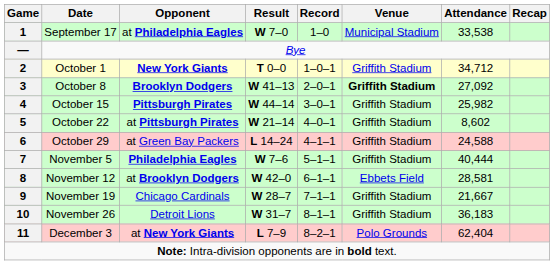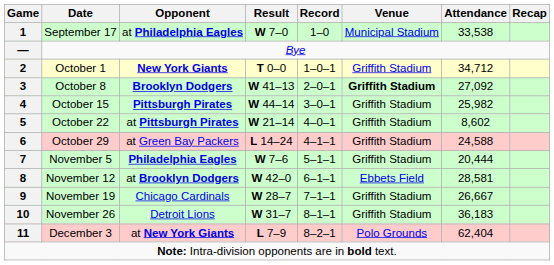 <table class="wikitable" style="text-align:center">
 <tr>
 <th>Game</th>
 <th>Date</th>
 <th>Opponent</th>
 <th>Result</th>
 <th>Record</th>
 <th>Venue</th>
 <th>Attendance</th>
 <th>Recap</th>
 </tr>
 <tr style="background:#cfc">
 <th>1</th>
 <td>September 17</td>
 <td>at <strong><a href='#'>Philadelphia Eagles</a></strong></td>
 <td><strong>W</strong> 7–0</td>
 <td>1–0</td>
 <td><a href='#'>Municipal Stadium</a></td>
 <td>33,538</td>
 <td></td>
 </tr>
 <tr>
 <th>—</th>
 <td colspan="7"><em><a href='#'>Bye</a></em></td>
 </tr>
 <tr style="background:#ffc">
 <th>2</th>
 <td>October 1</td>
 <td><strong><a href='#'>New York Giants</a></strong></td>
 <td><strong>T</strong> 0–0</td>
 <td>1–0–1</td>
 <td><a href='#'>Griffith Stadium</a></td>
 <td>34,712</td>
 <td></td>
 </tr>
 <tr style="background:#cfc">
 <th>3</th>
 <td>October 8</td>
 <td><strong><a href='#'>Brooklyn Dodgers</a></strong></td>
 <td><strong>W</strong> 41–13</td>
 <td>2–0–1</td>
 <td><strong>Griffith Stadium</strong></td>
 <td>27,092</td>
 <td></td>
 </tr>
 <tr style="background:#cfc">
 <th>4</th>
 <td>October 15</td>
 <td><strong><a href='#'>Pittsburgh Pirates</a></strong></td>
 <td><strong>W</strong> 44–14</td>
 <td>3–0–1</td>
 <td>Griffith Stadium</td>
 <td>25,982</td>
 <td></td>
 </tr>
 <tr style="background:#cfc">
 <th>5</th>
 <td>October 22</td>
 <td>at <strong><a href='#'>Pittsburgh Pirates</a></strong></td>
 <td><strong>W</strong> 21–14</td>
 <td>4–0–1</td>
 <td>Griffith Stadium</td>
 <td>8,602</td>
 <td></td>
 </tr>
 <tr style="background:#fcc">
 <th>6</th>
 <td>October 29</td>
 <td>at <a href='#'>Green Bay Packers</a></td>
 <td><strong>L</strong> 14–24</td>
 <td>4–1–1</td>
 <td>Griffith Stadium</td>
 <td>24,588</td>
 <td></td>
 </tr>
 <tr style="background:#cfc">
 <th>7</th>
 <td>November 5</td>
 <td><strong><a href='#'>Philadelphia Eagles</a></strong></td>
 <td><strong>W</strong> 7–6</td>
 <td>5–1–1</td>
 <td>Griffith Stadium</td>
-<td>40,444</td>
+<td>20,444</td>
 <td></td>
 </tr>
 <tr style="background:#cfc">
 <th>8</th>
 <td>November 12</td>
 <td>at <strong><a href='#'>Brooklyn Dodgers</a></strong></td>
 <td><strong>W</strong> 42–0</td>
 <td>6–1–1</td>
 <td><a href='#'>Ebbets Field</a></td>
 <td>28,581</td>
 <td></td>
 </tr>
 <tr style="background:#cfc">
 <th>9</th>
 <td>November 19</td>
 <td><a href='#'>Chicago Cardinals</a></td>
 <td><strong>W</strong> 28–7</td>
 <td>7–1–1</td>
 <td>Griffith Stadium</td>
-<td>21,667</td>
+<td>26,667</td>
 <td></td>
 </tr>
 <tr style="background:#cfc">
 <th>10</th>
 <td>November 26</td>
 <td><a href='#'>Detroit Lions</a></td>
 <td><strong>W</strong> 31–7</td>
 <td>8–1–1</td>
 <td>Griffith Stadium</td>
 <td>36,183</td>
 <td></td>
 </tr>
 <tr style="background:#fcc">
 <th>11</th>
 <td>December 3</td>
 <td>at <strong><a href='#'>New York Giants</a></strong></td>
 <td><strong>L</strong> 7–9</td>
 <td>8–2–1</td>
 <td><a href='#'>Polo Grounds</a></td>
 <td>62,404</td>
 <td></td>
 </tr>
 <tr>
 <td colspan="8"><strong>Note:</strong> Intra-division opponents are in <strong>bold</strong> text.</td>
 </tr>
 </table>
